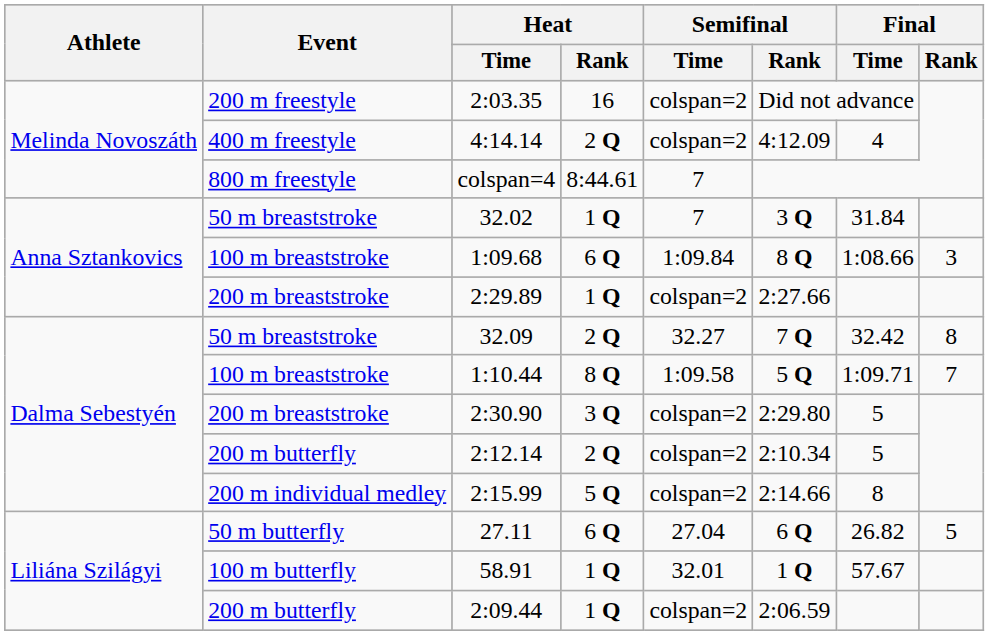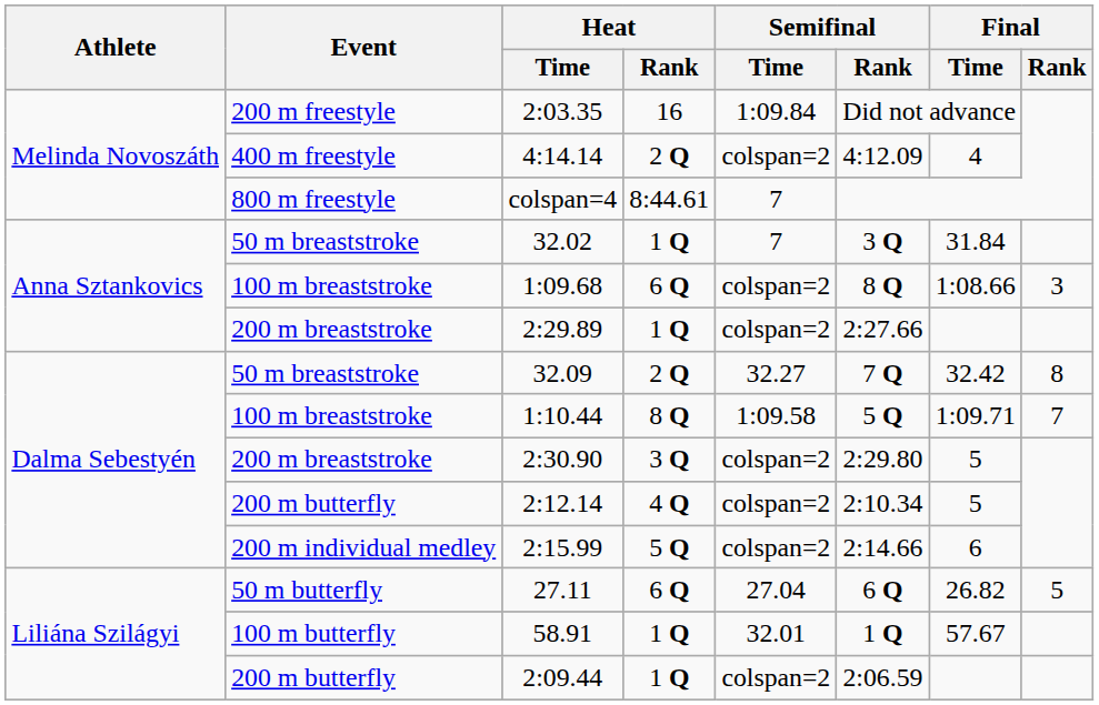 <table class=wikitable style="font-size:90%">
 <tr>
 <th rowspan=2>Athlete</th>
 <th rowspan=2>Event</th>
 <th colspan="2">Heat</th>
 <th colspan="2">Semifinal</th>
 <th colspan="2">Final</th>
 </tr>
 <tr style="font-size:95%">
 <th>Time</th>
 <th>Rank</th>
 <th>Time</th>
 <th>Rank</th>
 <th>Time</th>
 <th>Rank</th>
 </tr>
 <tr align=center>
 <td align=left rowspan=3><a href='#'>Melinda Novoszáth</a></td>
 <td align=left><a href='#'>200 m freestyle</a></td>
 <td>2:03.35</td>
 <td>16</td>
-<td>colspan=2 </td>
+<td>1:09.84</td>
 <td colspan=2>Did not advance</td>
 </tr>
 <tr align=center>
 <td align=left><a href='#'>400 m freestyle</a></td>
 <td>4:14.14</td>
 <td>2 <strong>Q</strong></td>
 <td>colspan=2 </td>
 <td>4:12.09</td>
 <td>4</td>
 </tr>
 <tr align=center>
 <td align=left><a href='#'>800 m freestyle</a></td>
 <td>colspan=4 </td>
 <td>8:44.61</td>
 <td>7</td>
 </tr>
 <tr align=center>
 <td align=left rowspan=3><a href='#'>Anna Sztankovics</a></td>
 <td align=left><a href='#'>50 m breaststroke</a></td>
 <td>32.02</td>
 <td>1 <strong>Q</strong></td>
 <td>7</td>
 <td>3 <strong>Q</strong></td>
 <td>31.84</td>
 <td></td>
 </tr>
 <tr align=center>
 <td align=left><a href='#'>100 m breaststroke</a></td>
 <td>1:09.68</td>
 <td>6 <strong>Q</strong></td>
-<td>1:09.84</td>
+<td>colspan=2 </td>
 <td>8 <strong>Q</strong></td>
 <td>1:08.66</td>
 <td>3</td>
 </tr>
 <tr align=center>
 <td align=left><a href='#'>200 m breaststroke</a></td>
 <td>2:29.89</td>
 <td>1 <strong>Q</strong></td>
 <td>colspan=2 </td>
 <td>2:27.66</td>
 <td></td>
 </tr>
 <tr align=center>
 <td align=left rowspan=5><a href='#'>Dalma Sebestyén</a></td>
 <td align=left><a href='#'>50 m breaststroke</a></td>
 <td>32.09</td>
 <td>2 <strong>Q</strong></td>
 <td>32.27</td>
 <td>7 <strong>Q</strong></td>
 <td>32.42</td>
 <td>8</td>
 </tr>
 <tr align=center>
 <td align=left><a href='#'>100 m breaststroke</a></td>
 <td>1:10.44</td>
 <td>8 <strong>Q</strong></td>
 <td>1:09.58</td>
 <td>5 <strong>Q</strong></td>
 <td>1:09.71</td>
 <td>7</td>
 </tr>
 <tr align=center>
 <td align=left><a href='#'>200 m breaststroke</a></td>
 <td>2:30.90</td>
 <td>3 <strong>Q</strong></td>
 <td>colspan=2 </td>
 <td>2:29.80</td>
 <td>5</td>
 </tr>
 <tr align=center>
 <td align=left><a href='#'>200 m butterfly</a></td>
 <td>2:12.14</td>
-<td>2 <strong>Q</strong></td>
+<td>4 <strong>Q</strong></td>
 <td>colspan=2 </td>
 <td>2:10.34</td>
 <td>5</td>
 </tr>
 <tr align=center>
 <td align=left><a href='#'>200 m individual medley</a></td>
 <td>2:15.99</td>
 <td>5 <strong>Q</strong></td>
 <td>colspan=2 </td>
 <td>2:14.66</td>
-<td>8</td>
+<td>6</td>
 </tr>
 <tr align=center>
 <td align=left rowspan=3><a href='#'>Liliána Szilágyi</a></td>
 <td align=left><a href='#'>50 m butterfly</a></td>
 <td>27.11</td>
 <td>6 <strong>Q</strong></td>
 <td>27.04</td>
 <td>6 <strong>Q</strong></td>
 <td>26.82</td>
 <td>5</td>
 </tr>
 <tr align=center>
 <td align=left><a href='#'>100 m butterfly</a></td>
 <td>58.91</td>
 <td>1 <strong>Q</strong></td>
 <td>32.01</td>
 <td>1 <strong>Q</strong></td>
 <td>57.67</td>
 <td></td>
 </tr>
 <tr align=center>
 <td align=left><a href='#'>200 m butterfly</a></td>
 <td>2:09.44</td>
 <td>1 <strong>Q</strong></td>
 <td>colspan=2 </td>
 <td>2:06.59</td>
 <td></td>
 </tr>
 </table>
